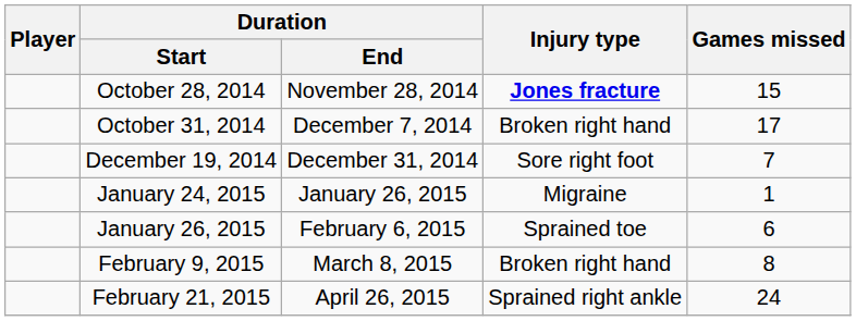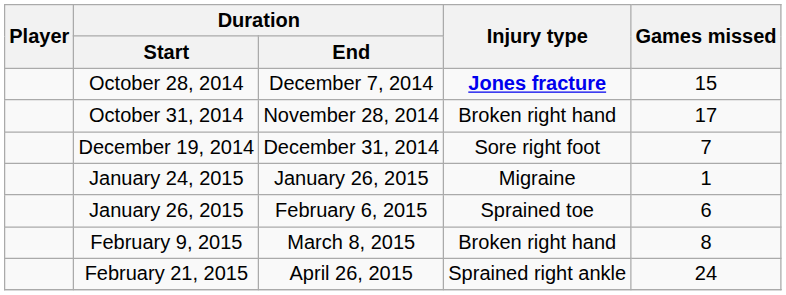 <table class="wikitable sortable collapsible collapsed" style="text-align:center;">
 <tr>
 <th rowspan="2">Player</th>
 <th colspan="2">Duration</th>
 <th rowspan="2">Injury type</th>
 <th rowspan="2">Games missed</th>
 </tr>
 <tr>
 <th>Start</th>
 <th>End</th>
 </tr>
 <tr>
 <td></td>
 <td>October 28, 2014</td>
-<td>November 28, 2014</td>
+<td>December 7, 2014</td>
 <td><strong><a href='#'>Jones fracture</a></strong></td>
 <td>15</td>
 </tr>
 <tr>
 <td></td>
 <td>October 31, 2014</td>
-<td>December 7, 2014</td>
+<td>November 28, 2014</td>
 <td>Broken right hand</td>
 <td>17</td>
 </tr>
 <tr>
 <td></td>
 <td>December 19, 2014</td>
 <td>December 31, 2014</td>
 <td>Sore right foot</td>
 <td>7</td>
 </tr>
 <tr>
 <td></td>
 <td>January 24, 2015</td>
 <td>January 26, 2015</td>
 <td>Migraine</td>
 <td>1</td>
 </tr>
 <tr>
 <td></td>
 <td>January 26, 2015</td>
 <td>February 6, 2015</td>
 <td>Sprained toe</td>
 <td>6</td>
 </tr>
 <tr>
 <td></td>
 <td>February 9, 2015</td>
 <td>March 8, 2015</td>
 <td>Broken right hand</td>
 <td>8</td>
 </tr>
 <tr>
 <td></td>
 <td>February 21, 2015</td>
 <td>April 26, 2015</td>
 <td>Sprained right ankle</td>
 <td>24</td>
 </tr>
 <tr>
 </tr>
 </table>
